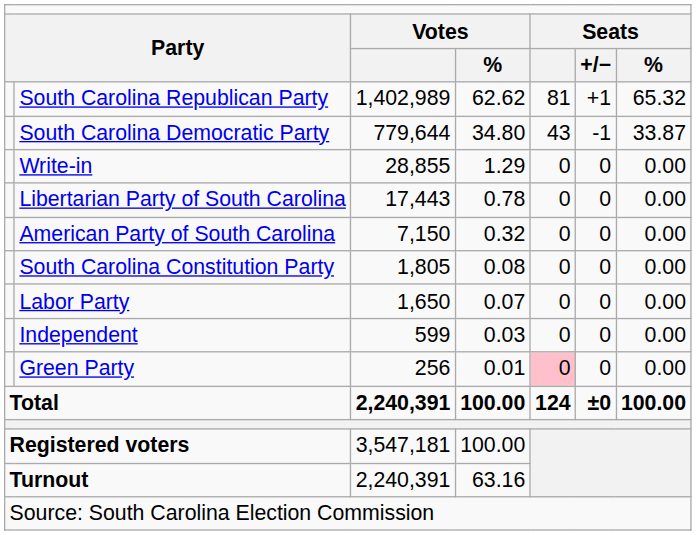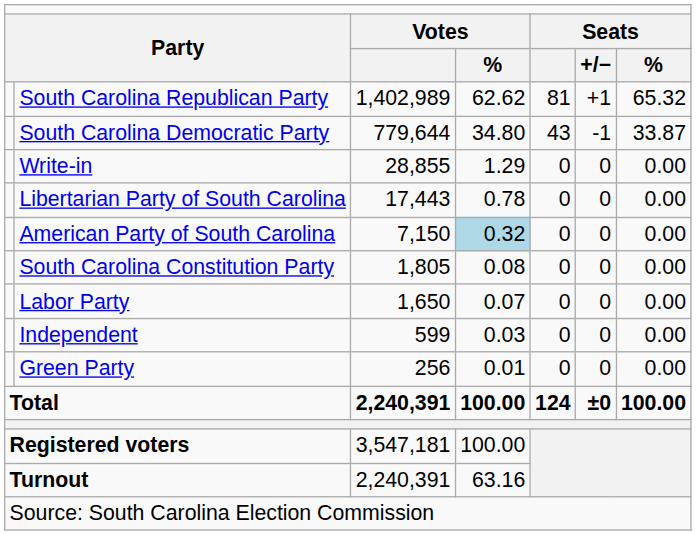 <table class="wikitable">
 <tr>
 <td colspan="7"></td>
 </tr>
 <tr>
 <th colspan="2" rowspan="2">Party</th>
 <th colspan="2">Votes</th>
 <th colspan="3">Seats</th>
 </tr>
 <tr>
 <th></th>
 <th>%</th>
 <th></th>
 <th>+/−</th>
 <th>%</th>
 </tr>
 <tr>
 <td style="background-color:"></td>
 <td><a href='#'>South Carolina Republican Party</a></td>
 <td align="right">1,402,989</td>
 <td align="right">62.62</td>
 <td align="right">81</td>
 <td align="right">+1</td>
 <td align="right">65.32</td>
 </tr>
 <tr>
 <td style="background-color:"></td>
 <td><a href='#'>South Carolina Democratic Party</a></td>
 <td align="right">779,644</td>
 <td align="right">34.80</td>
 <td align="right">43</td>
 <td align="right">-1</td>
 <td align="right">33.87</td>
 </tr>
 <tr>
 <td style="background-color:"></td>
 <td><a href='#'>Write-in</a></td>
 <td align="right">28,855</td>
 <td align="right">1.29</td>
 <td align="right">0</td>
 <td align="right">0</td>
 <td align="right">0.00</td>
 </tr>
 <tr>
 <td style="background-color:"></td>
 <td><a href='#'>Libertarian Party of South Carolina</a></td>
 <td align="right">17,443</td>
 <td align="right">0.78</td>
 <td align="right">0</td>
 <td align="right">0</td>
 <td align="right">0.00</td>
 </tr>
 <tr>
 <td style="background-color:"></td>
 <td><a href='#'>American Party of South Carolina</a></td>
 <td align="right">7,150</td>
-<td align="right">0.32</td>
+<td align="right" style="background: lightblue;">0.32</td>
 <td align="right">0</td>
 <td align="right">0</td>
 <td align="right">0.00</td>
 </tr>
 <tr>
 <td style="background-color:"></td>
 <td><a href='#'>South Carolina Constitution Party</a></td>
 <td align="right">1,805</td>
 <td align="right">0.08</td>
 <td align="right">0</td>
 <td align="right">0</td>
 <td align="right">0.00</td>
 </tr>
 <tr>
 <td style="background-color:"></td>
 <td><a href='#'>Labor Party</a></td>
 <td align="right">1,650</td>
 <td align="right">0.07</td>
 <td align="right">0</td>
 <td align="right">0</td>
 <td align="right">0.00</td>
 </tr>
 <tr>
 <td style="background-color:"></td>
 <td><a href='#'>Independent</a></td>
 <td align="right">599</td>
 <td align="right">0.03</td>
 <td align="right">0</td>
 <td align="right">0</td>
 <td align="right">0.00</td>
 </tr>
 <tr>
 <td style="background-color:"></td>
 <td><a href='#'>Green Party</a></td>
 <td align="right">256</td>
 <td align="right">0.01</td>
-<td align="right" style="background: pink;">0</td>
+<td align="right">0</td>
 <td align="right">0</td>
 <td align="right">0.00</td>
 </tr>
 <tr>
 <td colspan="2"><strong>Total</strong></td>
 <td align="right"><strong>2,240,391</strong></td>
 <td align="right"><strong>100.00</strong></td>
 <td align="right"><strong>124</strong></td>
 <td align="right"><strong>±0</strong></td>
 <td align="right"><strong>100.00</strong></td>
 </tr>
 <tr>
 <th colspan="7"></th>
 </tr>
 <tr>
 <td colspan="2"><strong>Registered voters</strong></td>
 <td>3,547,181</td>
 <td>100.00</td>
 <th colspan="3" rowspan="2"></th>
 </tr>
 <tr>
 <td colspan="2"><strong>Turnout</strong></td>
 <td align="right">2,240,391</td>
 <td align="right">63.16</td>
 </tr>
 <tr>
 <td colspan="7">Source: South Carolina Election Commission</td>
 </tr>
 </table>
